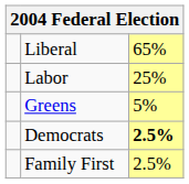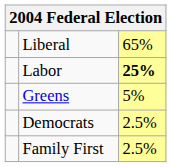 <table class="wikitable" style="float:right; margin-left:1em">
 <tr>
 <th colspan = 3>2004 Federal Election</th>
 </tr>
 <tr>
 <td> </td>
 <td>Liberal</td>
 <td bgcolor="FFFF99">65%</td>
 </tr>
 <tr>
 <td> </td>
 <td>Labor</td>
-<td bgcolor="FFFF99">25%</td>
+<td bgcolor="FFFF99"><strong>25%</strong></td>
 </tr>
 <tr>
 <td> </td>
 <td><a href='#'>Greens</a></td>
 <td bgcolor="FFFF99">5%</td>
 </tr>
 <tr>
 <td> </td>
 <td>Democrats</td>
-<td bgcolor="FFFF99"><strong>2.5%</strong></td>
+<td bgcolor="FFFF99">2.5%</td>
 </tr>
 <tr>
 <td> </td>
 <td>Family First</td>
 <td bgcolor="FFFF99">2.5%</td>
 </tr>
 </table>
